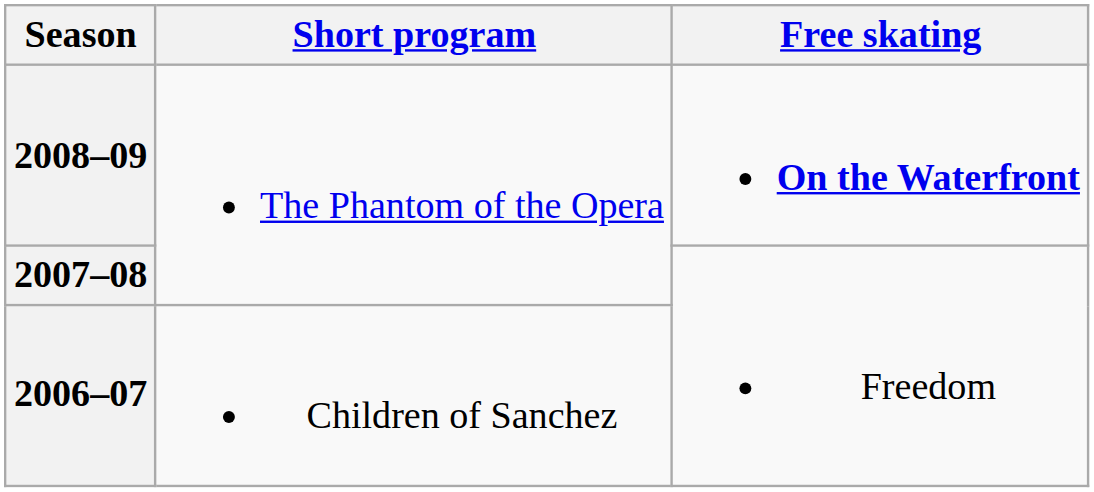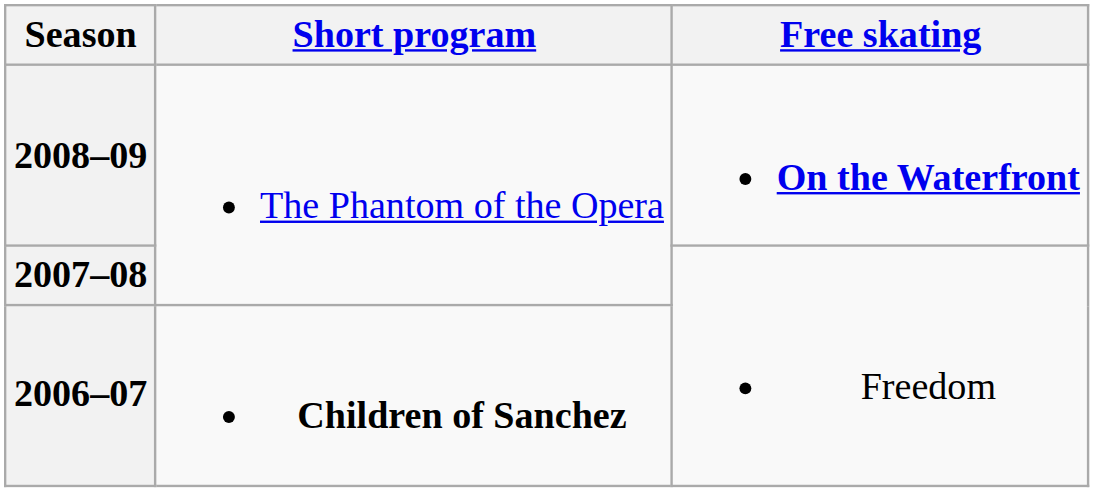 <table class=wikitable style=text-align:center>
 <tr>
 <th>Season</th>
 <th><a href='#'>Short program</a></th>
 <th><a href='#'>Free skating</a></th>
 </tr>
 <tr>
 <th>2008–09 <br> </th>
 <td rowspan=2><br><ul><li><a href='#'>The Phantom of the Opera</a> <br></li></ul></td>
 <td><strong><br><ul><li><a href='#'>On the Waterfront</a> <br></li></ul></strong></td>
 </tr>
 <tr>
 <th>2007–08 <br> </th>
 <td rowspan=2><br><ul><li>Freedom <br></li></ul></td>
 </tr>
 <tr>
 <th>2006–07 <br> </th>
-<td><br><ul><li>Children of Sanchez <br></li></ul></td>
+<td><strong><br><ul><li>Children of Sanchez <br></li></ul></strong></td>
 </tr>
 </table>
